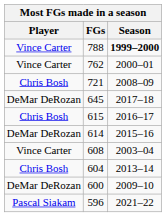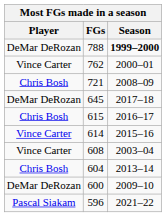 <table class="wikitable" style="text-align:center">
 <tr>
 <th colspan="3">Most FGs made in a season</th>
 </tr>
 <tr>
 <th>Player</th>
 <th>FGs</th>
 <th>Season</th>
 </tr>
 <tr>
-<td><a href='#'>Vince Carter</a></td>
+<td>DeMar DeRozan</td>
 <td>788</td>
 <td><strong>1999–2000</strong></td>
 </tr>
 <tr>
 <td>Vince Carter</td>
 <td>762</td>
 <td>2000–01</td>
 </tr>
 <tr>
 <td><a href='#'>Chris Bosh</a></td>
 <td>721</td>
 <td>2008–09</td>
 </tr>
 <tr>
 <td>DeMar DeRozan</td>
 <td>645</td>
 <td>2017–18</td>
 </tr>
 <tr>
 <td><a href='#'>Chris Bosh</a></td>
 <td>615</td>
 <td>2016–17</td>
 </tr>
 <tr>
-<td>DeMar DeRozan</td>
+<td><a href='#'>Vince Carter</a></td>
 <td>614</td>
 <td>2015–16</td>
 </tr>
 <tr>
 <td>Vince Carter</td>
 <td>608</td>
 <td>2003–04</td>
 </tr>
 <tr>
 <td><a href='#'>Chris Bosh</a></td>
 <td>604</td>
 <td>2013–14</td>
 </tr>
 <tr>
 <td>DeMar DeRozan</td>
 <td>600</td>
 <td>2009–10</td>
 </tr>
 <tr>
 <td><a href='#'>Pascal Siakam</a></td>
 <td>596</td>
 <td>2021–22</td>
 </tr>
 </table>
